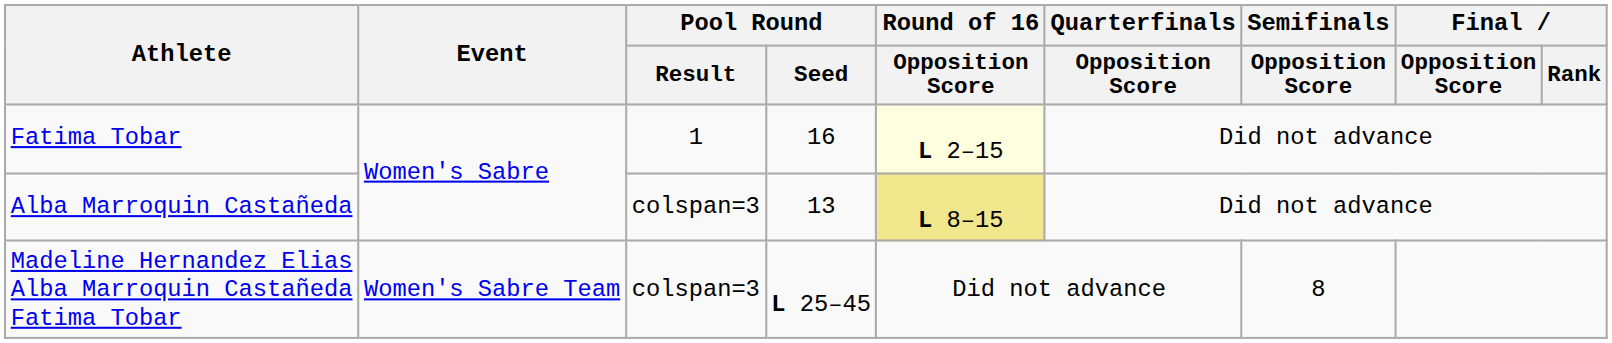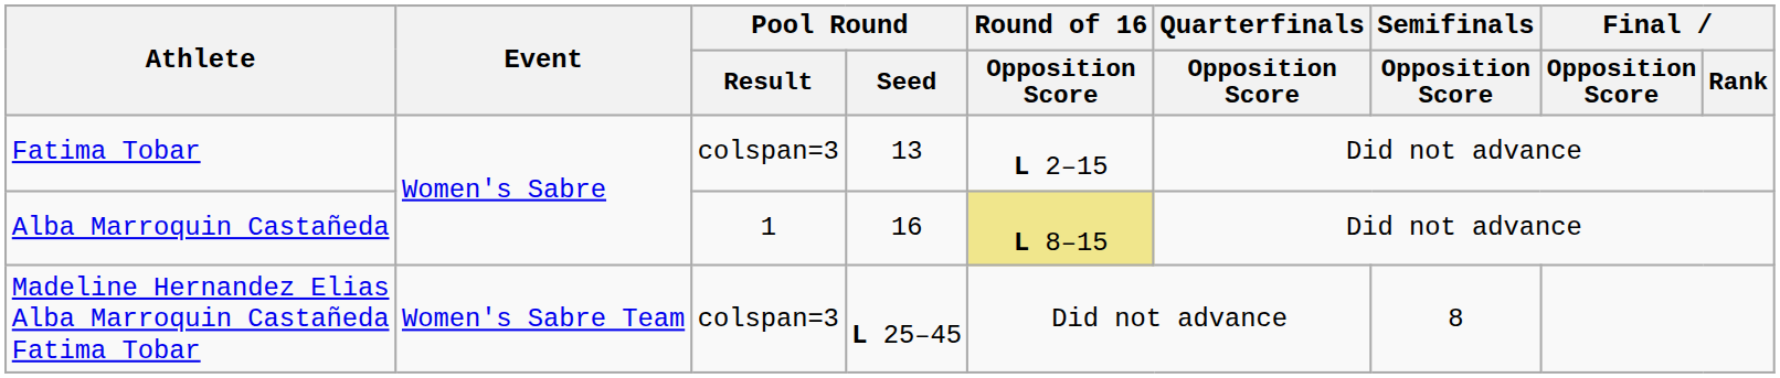 <table class=wikitable style="font-size:90%">
 <tr>
 <th rowspan="2">Athlete</th>
 <th rowspan="2">Event</th>
 <th colspan=2>Pool Round</th>
 <th>Round of 16</th>
 <th>Quarterfinals</th>
 <th>Semifinals</th>
 <th colspan=2>Final / </th>
 </tr>
 <tr style="font-size:95%">
 <th>Result</th>
 <th>Seed</th>
 <th>Opposition<br>Score</th>
 <th>Opposition<br>Score</th>
 <th>Opposition<br>Score</th>
 <th>Opposition<br>Score</th>
 <th>Rank</th>
 </tr>
 <tr align=center>
 <td align=left><a href='#'>Fatima Tobar</a></td>
 <td align=left rowspan=2><a href='#'>Women's Sabre</a></td>
-<td>1</td>
-<td>16</td>
-<td style="background: lightyellow;"><br><strong>L</strong> 2–15</td>
+<td>colspan=3 </td>
+<td>13</td>
+<td><br><strong>L</strong> 2–15</td>
 <td colspan="4">Did not advance</td>
 </tr>
 <tr align=center>
 <td align=left><a href='#'>Alba Marroquin Castañeda</a></td>
-<td>colspan=3 </td>
-<td>13</td>
+<td>1</td>
+<td>16</td>
 <td style="background: khaki;"><br><strong>L</strong> 8–15</td>
 <td colspan="4">Did not advance</td>
 </tr>
 <tr align=center>
 <td align=left><a href='#'>Madeline Hernandez Elias</a><br><a href='#'>Alba Marroquin Castañeda</a><br><a href='#'>Fatima Tobar</a></td>
 <td align=left><a href='#'>Women's Sabre Team</a></td>
 <td>colspan=3 </td>
 <td><br><strong>L</strong> 25–45</td>
 <td colspan="2">Did not advance</td>
 <td>8</td>
 </tr>
 </table>
